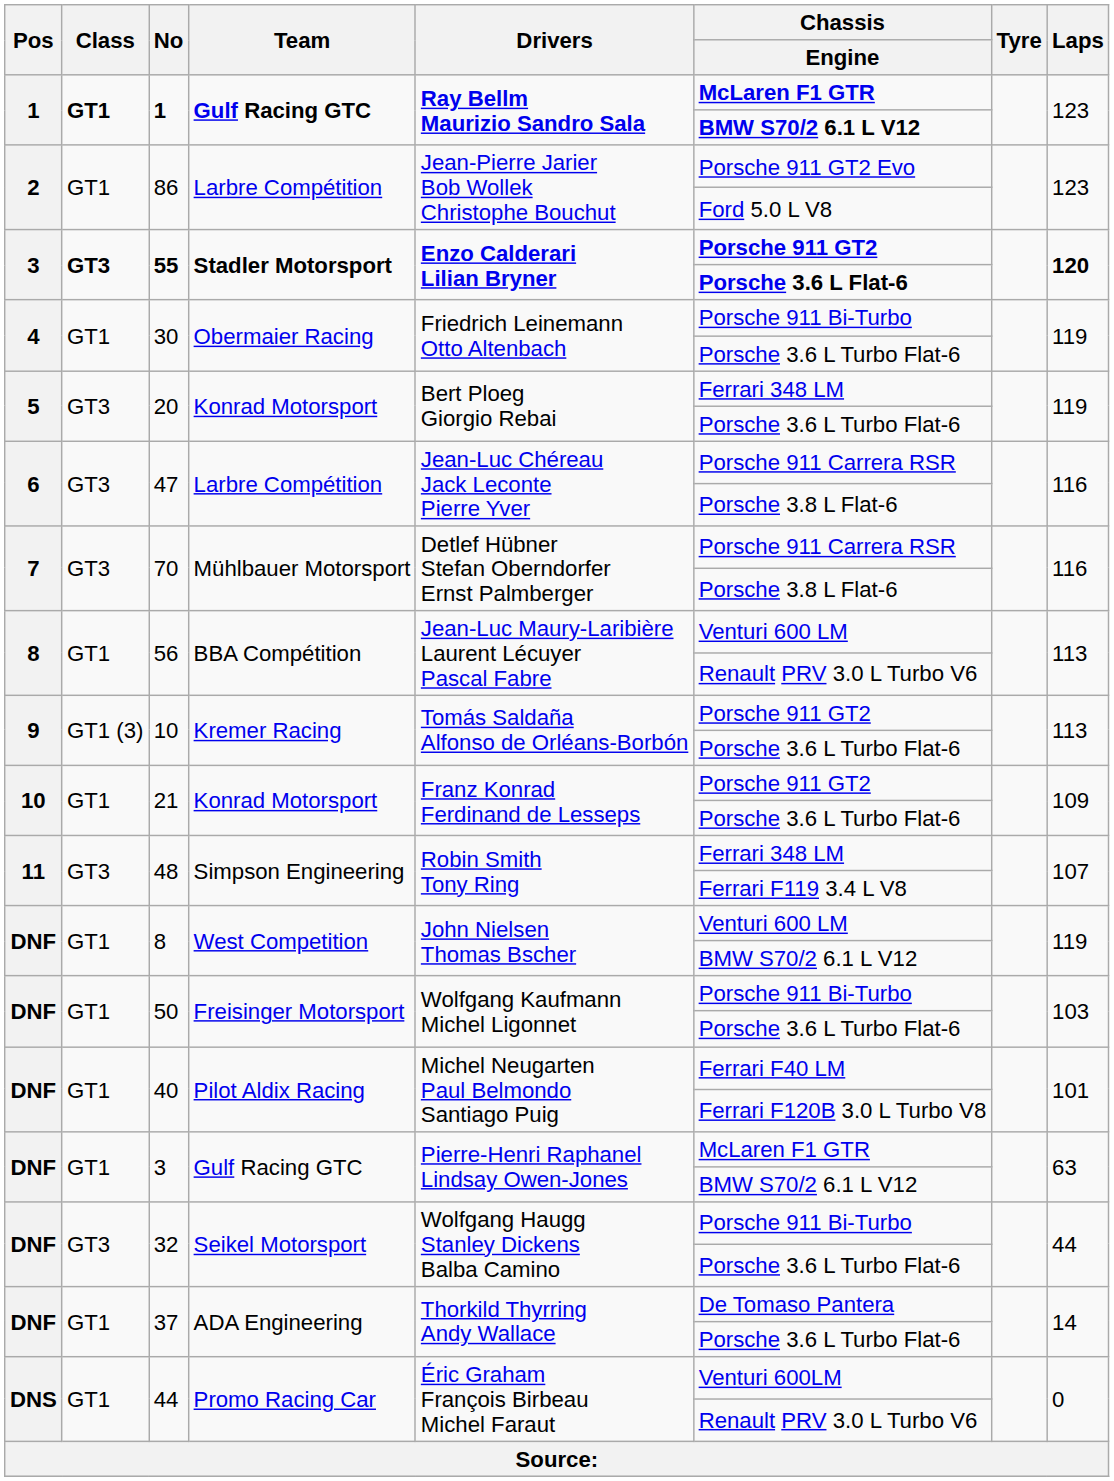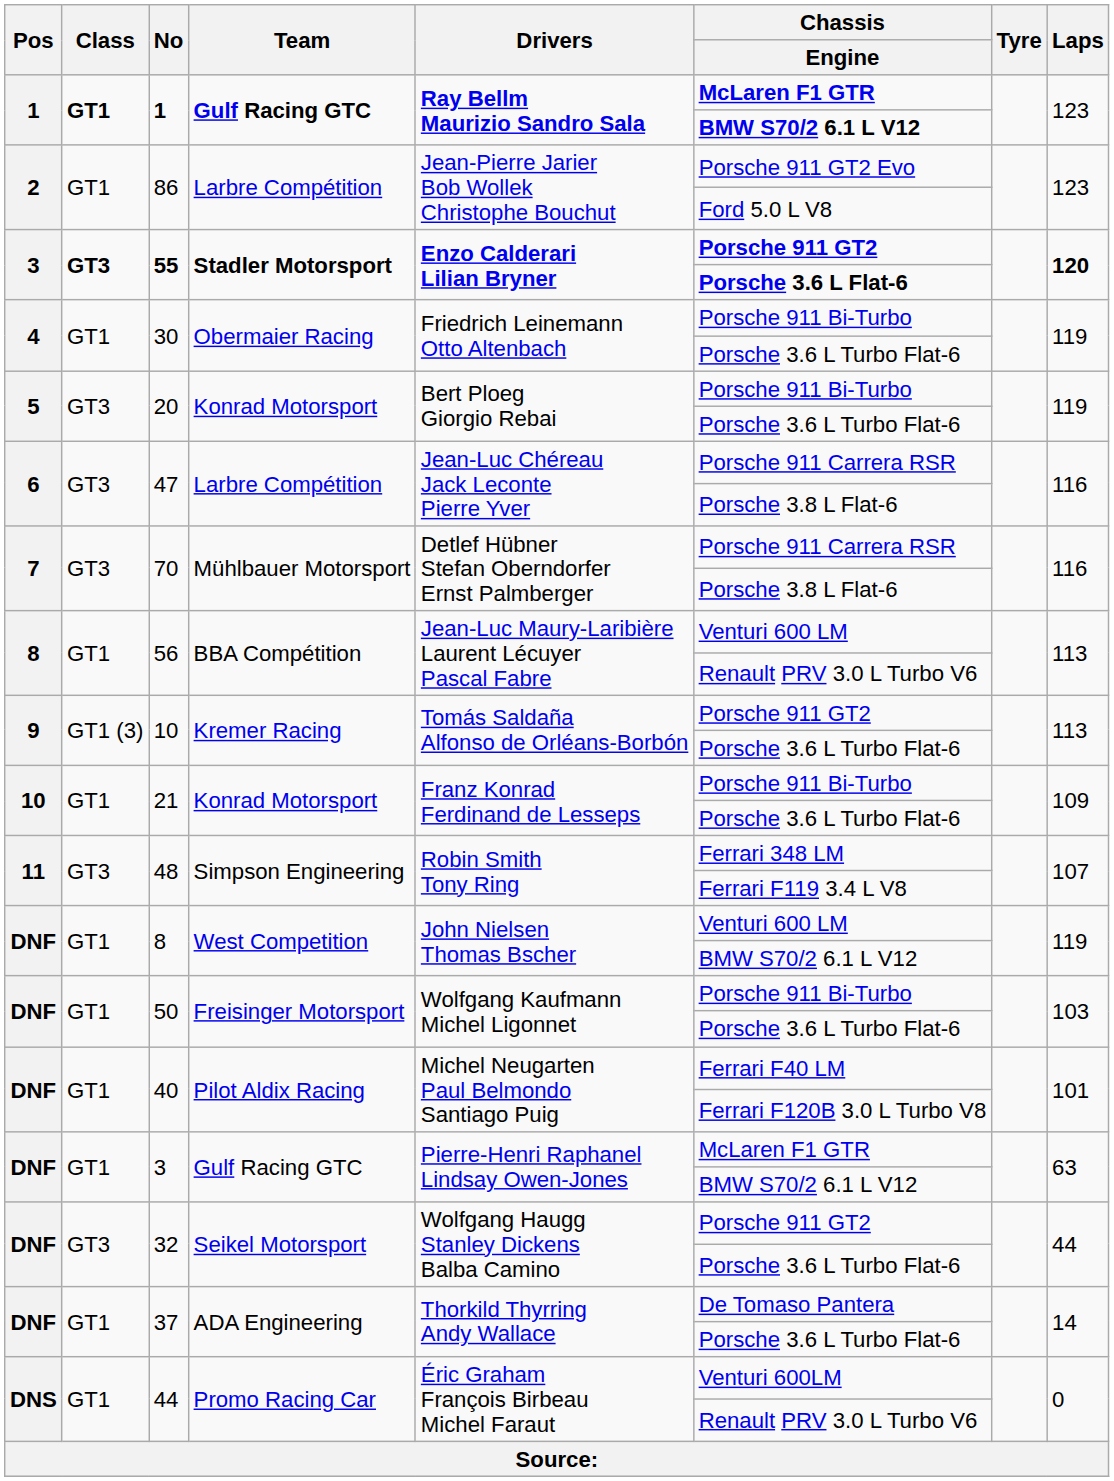 <table class="wikitable" style="font-size: 95%;">
 <tr>
 <th rowspan=2>Pos</th>
 <th rowspan=2>Class</th>
 <th rowspan=2>No</th>
 <th rowspan=2>Team</th>
 <th rowspan=2>Drivers</th>
 <th>Chassis</th>
 <th rowspan=2>Tyre</th>
 <th rowspan=2>Laps</th>
 </tr>
 <tr>
 <th>Engine</th>
 </tr>
 <tr>
 <th rowspan=2>1</th>
 <td rowspan=2><strong>GT1</strong></td>
 <td rowspan=2><strong>1</strong></td>
 <td rowspan=2> <strong><a href='#'>Gulf</a> Racing GTC</strong></td>
 <td rowspan=2><strong> <a href='#'>Ray Bellm</a><br> <a href='#'>Maurizio Sandro Sala</a></strong></td>
 <td><strong><a href='#'>McLaren F1 GTR</a></strong></td>
 <td rowspan=2></td>
 <td rowspan=2>123</td>
 </tr>
 <tr>
 <td><strong><a href='#'>BMW S70/2</a> 6.1 L V12</strong></td>
 </tr>
 <tr>
 <th rowspan=2>2</th>
 <td rowspan=2>GT1</td>
 <td rowspan=2>86</td>
 <td rowspan=2> <a href='#'>Larbre Compétition</a></td>
 <td rowspan=2> <a href='#'>Jean-Pierre Jarier</a><br> <a href='#'>Bob Wollek</a><br> <a href='#'>Christophe Bouchut</a></td>
 <td><a href='#'>Porsche 911 GT2 Evo</a></td>
 <td rowspan=2></td>
 <td rowspan=2>123</td>
 </tr>
 <tr>
 <td><a href='#'>Ford</a> 5.0 L V8</td>
 </tr>
 <tr>
 <th rowspan=2>3</th>
 <td rowspan=2><strong>GT3</strong></td>
 <td rowspan=2><strong>55</strong></td>
 <td rowspan=2><strong> Stadler Motorsport</strong></td>
 <td rowspan=2><strong> <a href='#'>Enzo Calderari</a><br> <a href='#'>Lilian Bryner</a></strong></td>
 <td><strong><a href='#'>Porsche 911 GT2</a></strong></td>
 <td rowspan=2></td>
 <td rowspan=2><strong>120</strong></td>
 </tr>
 <tr>
 <td><strong><a href='#'>Porsche</a> 3.6 L Flat-6</strong></td>
 </tr>
 <tr>
 <th rowspan=2>4</th>
 <td rowspan=2>GT1</td>
 <td rowspan=2>30</td>
 <td rowspan=2> <a href='#'>Obermaier Racing</a></td>
 <td rowspan=2> Friedrich Leinemann<br> <a href='#'>Otto Altenbach</a></td>
 <td><a href='#'>Porsche 911 Bi-Turbo</a></td>
 <td rowspan=2></td>
 <td rowspan=2>119</td>
 </tr>
 <tr>
 <td><a href='#'>Porsche</a> 3.6 L Turbo Flat-6</td>
 </tr>
 <tr>
 <th rowspan=2>5</th>
 <td rowspan=2>GT3</td>
 <td rowspan=2>20</td>
 <td rowspan=2> <a href='#'>Konrad Motorsport</a></td>
 <td rowspan=2> Bert Ploeg<br> Giorgio Rebai</td>
-<td><a href='#'>Ferrari 348 LM</a></td>
+<td><a href='#'>Porsche 911 Bi-Turbo</a></td>
 <td rowspan=2></td>
 <td rowspan=2>119</td>
 </tr>
 <tr>
 <td><a href='#'>Porsche</a> 3.6 L Turbo Flat-6</td>
 </tr>
 <tr>
 <th rowspan=2>6</th>
 <td rowspan=2>GT3</td>
 <td rowspan=2>47</td>
 <td rowspan=2> <a href='#'>Larbre Compétition</a></td>
 <td rowspan=2> <a href='#'>Jean-Luc Chéreau</a><br> <a href='#'>Jack Leconte</a><br> <a href='#'>Pierre Yver</a></td>
 <td><a href='#'>Porsche 911 Carrera RSR</a></td>
 <td rowspan=2></td>
 <td rowspan=2>116</td>
 </tr>
 <tr>
 <td><a href='#'>Porsche</a> 3.8 L Flat-6</td>
 </tr>
 <tr>
 <th rowspan=2>7</th>
 <td rowspan=2>GT3</td>
 <td rowspan=2>70</td>
 <td rowspan=2> Mühlbauer Motorsport</td>
 <td rowspan=2> Detlef Hübner<br> Stefan Oberndorfer<br> Ernst Palmberger</td>
 <td><a href='#'>Porsche 911 Carrera RSR</a></td>
 <td rowspan=2></td>
 <td rowspan=2>116</td>
 </tr>
 <tr>
 <td><a href='#'>Porsche</a> 3.8 L Flat-6</td>
 </tr>
 <tr>
 <th rowspan=2>8</th>
 <td rowspan=2>GT1</td>
 <td rowspan=2>56</td>
 <td rowspan=2> BBA Compétition</td>
 <td rowspan=2> <a href='#'>Jean-Luc Maury-Laribière</a><br> Laurent Lécuyer<br> <a href='#'>Pascal Fabre</a></td>
 <td><a href='#'>Venturi 600 LM</a></td>
 <td rowspan=2></td>
 <td rowspan=2>113</td>
 </tr>
 <tr>
 <td><a href='#'>Renault</a> <a href='#'>PRV</a> 3.0 L Turbo V6</td>
 </tr>
 <tr>
 <th rowspan=2>9</th>
 <td rowspan=2>GT1 (3)</td>
 <td rowspan=2>10</td>
 <td rowspan=2> <a href='#'>Kremer Racing</a></td>
 <td rowspan=2> <a href='#'>Tomás Saldaña</a><br> <a href='#'>Alfonso de Orléans-Borbón</a></td>
 <td><a href='#'>Porsche 911 GT2</a></td>
 <td rowspan=2></td>
 <td rowspan=2>113</td>
 </tr>
 <tr>
 <td><a href='#'>Porsche</a> 3.6 L Turbo Flat-6</td>
 </tr>
 <tr>
 <th rowspan=2>10</th>
 <td rowspan=2>GT1</td>
 <td rowspan=2>21</td>
 <td rowspan=2> <a href='#'>Konrad Motorsport</a></td>
 <td rowspan=2> <a href='#'>Franz Konrad</a><br> <a href='#'>Ferdinand de Lesseps</a></td>
-<td><a href='#'>Porsche 911 GT2</a></td>
+<td><a href='#'>Porsche 911 Bi-Turbo</a></td>
 <td rowspan=2></td>
 <td rowspan=2>109</td>
 </tr>
 <tr>
 <td><a href='#'>Porsche</a> 3.6 L Turbo Flat-6</td>
 </tr>
 <tr>
 <th rowspan=2>11</th>
 <td rowspan=2>GT3</td>
 <td rowspan=2>48</td>
 <td rowspan=2> Simpson Engineering</td>
 <td rowspan=2> <a href='#'>Robin Smith</a><br> <a href='#'>Tony Ring</a></td>
 <td><a href='#'>Ferrari 348 LM</a></td>
 <td rowspan=2></td>
 <td rowspan=2>107</td>
 </tr>
 <tr>
 <td><a href='#'>Ferrari F119</a> 3.4 L V8</td>
 </tr>
 <tr>
 <th rowspan=2>DNF</th>
 <td rowspan=2>GT1</td>
 <td rowspan=2>8</td>
 <td rowspan=2> <a href='#'>West Competition</a></td>
 <td rowspan=2> <a href='#'>John Nielsen</a><br> <a href='#'>Thomas Bscher</a></td>
 <td><a href='#'>Venturi 600 LM</a></td>
 <td rowspan=2></td>
 <td rowspan=2>119</td>
 </tr>
 <tr>
 <td><a href='#'>BMW S70/2</a> 6.1 L V12</td>
 </tr>
 <tr>
 <th rowspan=2>DNF</th>
 <td rowspan=2>GT1</td>
 <td rowspan=2>50</td>
 <td rowspan=2> <a href='#'>Freisinger Motorsport</a></td>
 <td rowspan=2> Wolfgang Kaufmann<br> Michel Ligonnet</td>
 <td><a href='#'>Porsche 911 Bi-Turbo</a></td>
 <td rowspan=2></td>
 <td rowspan=2>103</td>
 </tr>
 <tr>
 <td><a href='#'>Porsche</a> 3.6 L Turbo Flat-6</td>
 </tr>
 <tr>
 <th rowspan=2>DNF</th>
 <td rowspan=2>GT1</td>
 <td rowspan=2>40</td>
 <td rowspan=2> <a href='#'>Pilot Aldix Racing</a></td>
 <td rowspan=2> Michel Neugarten<br> <a href='#'>Paul Belmondo</a><br> Santiago Puig</td>
 <td><a href='#'>Ferrari F40 LM</a></td>
 <td rowspan=2></td>
 <td rowspan=2>101</td>
 </tr>
 <tr>
 <td><a href='#'>Ferrari F120B</a> 3.0 L Turbo V8</td>
 </tr>
 <tr>
 <th rowspan=2>DNF</th>
 <td rowspan=2>GT1</td>
 <td rowspan=2>3</td>
 <td rowspan=2> <a href='#'>Gulf</a> Racing GTC</td>
 <td rowspan=2> <a href='#'>Pierre-Henri Raphanel</a><br> <a href='#'>Lindsay Owen-Jones</a></td>
 <td><a href='#'>McLaren F1 GTR</a></td>
 <td rowspan=2></td>
 <td rowspan=2>63</td>
 </tr>
 <tr>
 <td><a href='#'>BMW S70/2</a> 6.1 L V12</td>
 </tr>
 <tr>
 <th rowspan=2>DNF</th>
 <td rowspan=2>GT3</td>
 <td rowspan=2>32</td>
 <td rowspan=2> <a href='#'>Seikel Motorsport</a></td>
 <td rowspan=2> Wolfgang Haugg<br> <a href='#'>Stanley Dickens</a><br> Balba Camino</td>
-<td><a href='#'>Porsche 911 Bi-Turbo</a></td>
+<td><a href='#'>Porsche 911 GT2</a></td>
 <td rowspan=2></td>
 <td rowspan=2>44</td>
 </tr>
 <tr>
 <td><a href='#'>Porsche</a> 3.6 L Turbo Flat-6</td>
 </tr>
 <tr>
 <th rowspan=2>DNF</th>
 <td rowspan=2>GT1</td>
 <td rowspan=2>37</td>
 <td rowspan=2> ADA Engineering</td>
 <td rowspan=2> <a href='#'>Thorkild Thyrring</a><br> <a href='#'>Andy Wallace</a></td>
 <td><a href='#'>De Tomaso Pantera</a></td>
 <td rowspan=2></td>
 <td rowspan=2>14</td>
 </tr>
 <tr>
 <td><a href='#'>Porsche</a> 3.6 L Turbo Flat-6</td>
 </tr>
 <tr>
 <th rowspan=2>DNS</th>
 <td rowspan=2>GT1</td>
 <td rowspan=2>44</td>
 <td rowspan=2> <a href='#'>Promo Racing Car</a></td>
 <td rowspan=2> <a href='#'>Éric Graham</a><br> François Birbeau<br> Michel Faraut</td>
 <td><a href='#'>Venturi 600LM</a></td>
 <td rowspan=2></td>
 <td rowspan=2>0</td>
 </tr>
 <tr>
 <td><a href='#'>Renault</a> <a href='#'>PRV</a> 3.0 L Turbo V6</td>
 </tr>
 <tr>
 <th colspan="8">Source:</th>
 </tr>
 <tr>
 </tr>
 </table>
